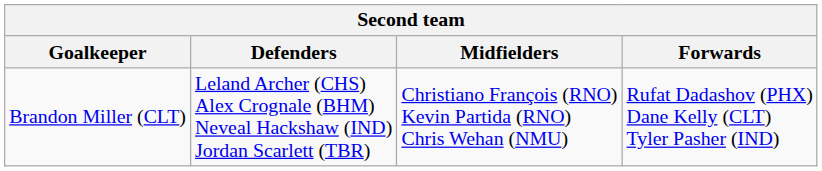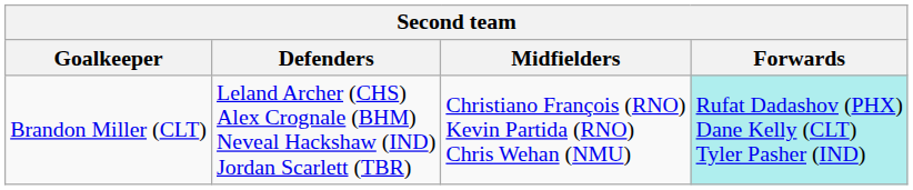 <table class="wikitable">
 <tr>
 <th colspan="4">Second team</th>
 </tr>
 <tr>
 <th>Goalkeeper</th>
 <th>Defenders</th>
 <th>Midfielders</th>
 <th>Forwards</th>
 </tr>
 <tr>
 <td> <a href='#'>Brandon Miller</a> (<a href='#'>CLT</a>)</td>
 <td> <a href='#'>Leland Archer</a> (<a href='#'>CHS</a>)<br> <a href='#'>Alex Crognale</a> (<a href='#'>BHM</a>)<br> <a href='#'>Neveal Hackshaw</a> (<a href='#'>IND</a>)<br> <a href='#'>Jordan Scarlett</a> (<a href='#'>TBR</a>)</td>
 <td> <a href='#'>Christiano François</a> (<a href='#'>RNO</a>)<br> <a href='#'>Kevin Partida</a> (<a href='#'>RNO</a>)<br> <a href='#'>Chris Wehan</a> (<a href='#'>NMU</a>)</td>
-<td> <a href='#'>Rufat Dadashov</a> (<a href='#'>PHX</a>)<br> <a href='#'>Dane Kelly</a> (<a href='#'>CLT</a>)<br> <a href='#'>Tyler Pasher</a> (<a href='#'>IND</a>)</td>
+<td style="background: paleturquoise;"> <a href='#'>Rufat Dadashov</a> (<a href='#'>PHX</a>)<br> <a href='#'>Dane Kelly</a> (<a href='#'>CLT</a>)<br> <a href='#'>Tyler Pasher</a> (<a href='#'>IND</a>)</td>
 </tr>
 </table>
